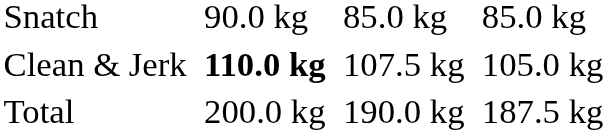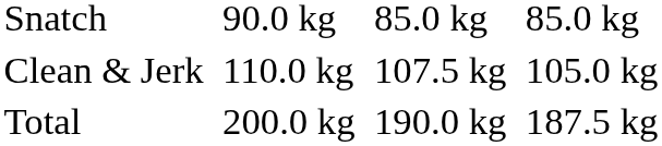 <table>
 <tr>
 <td>Snatch</td>
 <td></td>
 <td>90.0 kg</td>
 <td></td>
 <td>85.0 kg</td>
 <td></td>
 <td>85.0 kg</td>
 </tr>
 <tr>
 <td>Clean & Jerk</td>
 <td></td>
-<td><strong>110.0 kg</strong></td>
+<td>110.0 kg</td>
 <td></td>
 <td>107.5 kg</td>
 <td></td>
 <td>105.0 kg</td>
 </tr>
 <tr>
 <td>Total</td>
 <td></td>
 <td>200.0 kg</td>
 <td></td>
 <td>190.0 kg</td>
 <td></td>
 <td>187.5 kg</td>
 </tr>
 </table>
